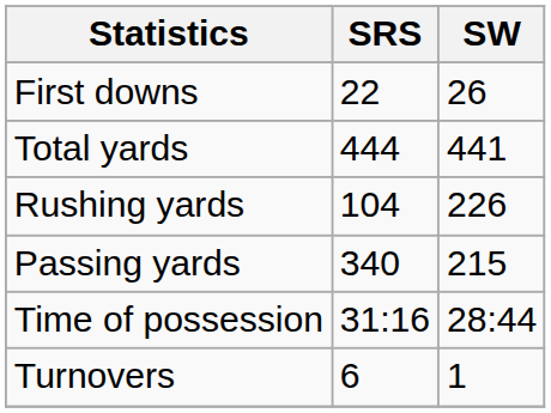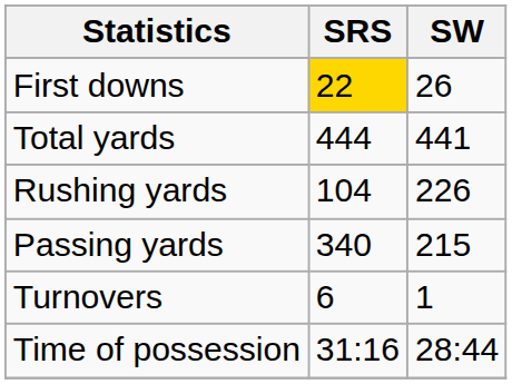 <table class="wikitable" style="float: left;">
 <tr>
 <th>Statistics</th>
 <th>SRS</th>
 <th>SW</th>
 </tr>
 <tr>
 <td>First downs</td>
-<td>22</td>
+<td style="background: gold;">22</td>
 <td>26</td>
 </tr>
 <tr>
 <td>Total yards</td>
 <td>444</td>
 <td>441</td>
 </tr>
 <tr>
 <td>Rushing yards</td>
 <td>104</td>
 <td>226</td>
 </tr>
 <tr>
 <td>Passing yards</td>
 <td>340</td>
 <td>215</td>
 </tr>
 <tr>
+<td>Turnovers</td>
+<td>6</td>
+<td>1</td>
+</tr>
+<tr>
 <td>Time of possession</td>
 <td>31:16</td>
 <td>28:44</td>
 </tr>
 <tr>
-<td>Turnovers</td>
-<td>6</td>
-<td>1</td>
-</tr>
-<tr>
 </tr>
 </table>
